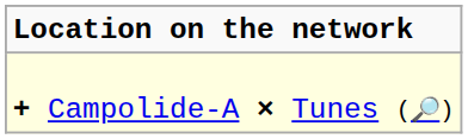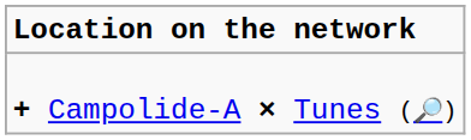 <table role="presentation" class="wikitable mw-collapsible mw-collapsed floatright">
 <tr>
 <td><strong>Location on the network</strong></td>
 </tr>
 <tr>
-<td style="background: lightyellow;"><br><span><strong>+</strong> <a href='#'>Campolide-A</a></span> <span><strong>×</strong> <a href='#'>Tunes</a></span> <small>(<a href='#'>🔎</a>)</small></td>
+<td><br><span><strong>+</strong> <a href='#'>Campolide-A</a></span> <span><strong>×</strong> <a href='#'>Tunes</a></span> <small>(<a href='#'>🔎</a>)</small></td>
 </tr>
 </table>
